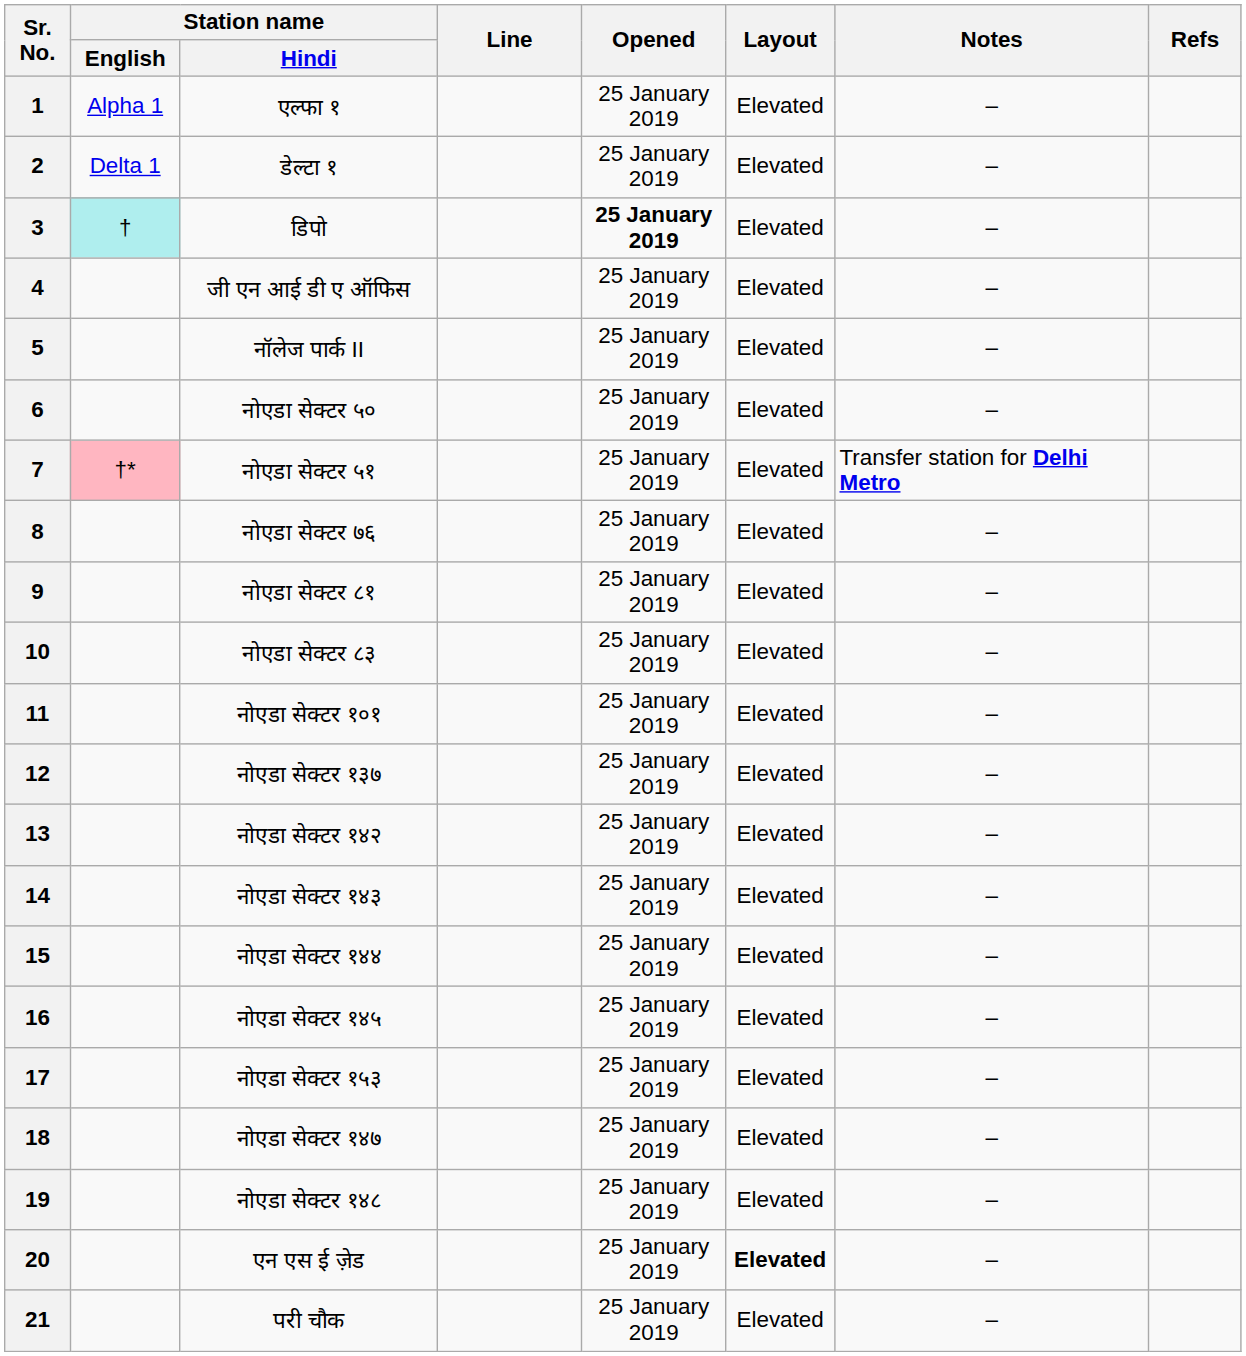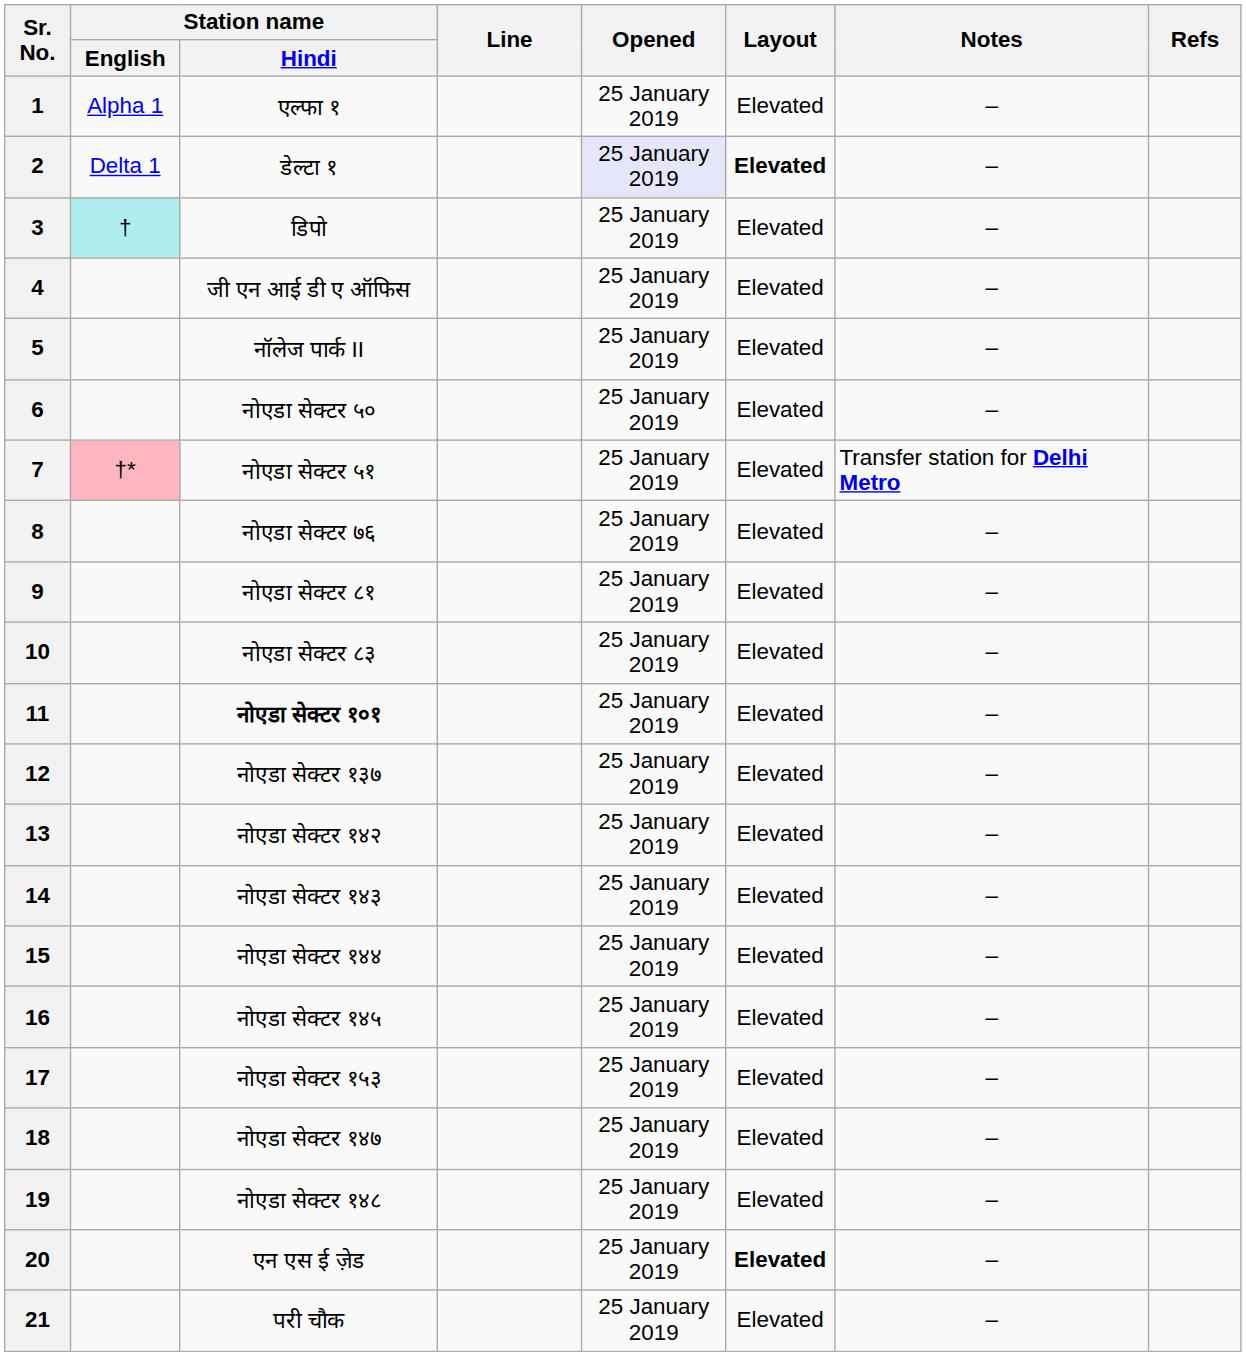 <table class="wikitable sortable" width="100%">
 <tr>
 <th rowspan="2" width="5%">Sr. No.</th>
 <th colspan="2" width="28%">Station name</th>
 <th rowspan="2" width="11%">Line</th>
 <th rowspan="2" width="11%">Opened</th>
 <th rowspan="2" width="8%">Layout</th>
 <th rowspan="2" width="24%">Notes</th>
 <th rowspan="2" width="7%">Refs</th>
 </tr>
 <tr>
 <th>English</th>
 <th><a href='#'>Hindi</a></th>
 </tr>
 <tr>
 <th>1</th>
 <td align="center"><a href='#'>Alpha 1</a></td>
 <td align="center">एल्फा १</td>
 <td align="center"></td>
 <td align="center">25 January 2019</td>
 <td align="center">Elevated</td>
 <td align="center">–</td>
 <td></td>
 </tr>
 <tr>
 <th>2</th>
 <td align="center"><a href='#'>Delta 1</a></td>
 <td align="center">डेल्टा १</td>
 <td align="center"></td>
-<td align="center">25 January 2019</td>
-<td align="center">Elevated</td>
+<td align="center" style="background: lavender;">25 January 2019</td>
+<td align="center"><strong>Elevated</strong></td>
 <td align="center">–</td>
 <td></td>
 </tr>
 <tr>
 <th>3</th>
 <td align="center" style="background-color:#AFEEEE">†</td>
 <td align="center">डिपो</td>
 <td align="center"></td>
-<td align="center"><strong>25 January 2019</strong></td>
+<td align="center">25 January 2019</td>
 <td align="center">Elevated</td>
 <td align="center">–</td>
 <td></td>
 </tr>
 <tr>
 <th>4</th>
 <td align="center"></td>
 <td align="center">जी एन आई डी ए ऑफिस</td>
 <td align="center"></td>
 <td align="center">25 January 2019</td>
 <td align="center">Elevated</td>
 <td align="center">–</td>
 <td></td>
 </tr>
 <tr>
 <th>5</th>
 <td align="center"></td>
 <td align="center">नॉलेज पार्क II</td>
 <td align="center"></td>
 <td align="center">25 January 2019</td>
 <td align="center">Elevated</td>
 <td align="center">–</td>
 <td></td>
 </tr>
 <tr>
 <th>6</th>
 <td align="center"></td>
 <td align="center">नोएडा सेक्टर ५०</td>
 <td align="center"></td>
 <td align="center">25 January 2019</td>
 <td align="center">Elevated</td>
 <td align="center">–</td>
 <td></td>
 </tr>
 <tr>
 <th>7</th>
 <td align="center" style="background-color:#FFB6C1">†*</td>
 <td align="center">नोएडा सेक्टर ५१</td>
 <td align="center"></td>
 <td align="center">25 January 2019</td>
 <td align="center">Elevated</td>
 <td>Transfer station for <strong><a href='#'>Delhi Metro</a></strong></td>
 <td></td>
 </tr>
 <tr>
 <th>8</th>
 <td align="center"></td>
 <td align="center">नोएडा सेक्टर ७६</td>
 <td align="center"></td>
 <td align="center">25 January 2019</td>
 <td align="center">Elevated</td>
 <td align="center">–</td>
 <td></td>
 </tr>
 <tr>
 <th>9</th>
 <td align="center"></td>
 <td align="center">नोएडा सेक्टर ८१</td>
 <td align="center"></td>
 <td align="center">25 January 2019</td>
 <td align="center">Elevated</td>
 <td align="center">–</td>
 <td></td>
 </tr>
 <tr>
 <th>10</th>
 <td align="center"></td>
 <td align="center">नोएडा सेक्टर ८३</td>
 <td align="center"></td>
 <td align="center">25 January 2019</td>
 <td align="center">Elevated</td>
 <td align="center">–</td>
 <td></td>
 </tr>
 <tr>
 <th>11</th>
 <td align="center"></td>
-<td align="center">नोएडा सेक्टर १०१</td>
+<td align="center"><strong>नोएडा सेक्टर १०१</strong></td>
 <td align="center"></td>
 <td align="center">25 January 2019</td>
 <td align="center">Elevated</td>
 <td align="center">–</td>
 <td></td>
 </tr>
 <tr>
 <th>12</th>
 <td align="center"></td>
 <td align="center">नोएडा सेक्टर १३७</td>
 <td align="center"></td>
 <td align="center">25 January 2019</td>
 <td align="center">Elevated</td>
 <td align="center">–</td>
 <td></td>
 </tr>
 <tr>
 <th>13</th>
 <td align="center"></td>
 <td align="center">नोएडा सेक्टर १४२</td>
 <td align="center"></td>
 <td align="center">25 January 2019</td>
 <td align="center">Elevated</td>
 <td align="center">–</td>
 <td></td>
 </tr>
 <tr>
 <th>14</th>
 <td align="center"></td>
 <td align="center">नोएडा सेक्टर १४३</td>
 <td align="center"></td>
 <td align="center">25 January 2019</td>
 <td align="center">Elevated</td>
 <td align="center">–</td>
 <td></td>
 </tr>
 <tr>
 <th>15</th>
 <td align="center"></td>
 <td align="center">नोएडा सेक्टर १४४</td>
 <td align="center"></td>
 <td align="center">25 January 2019</td>
 <td align="center">Elevated</td>
 <td align="center">–</td>
 <td></td>
 </tr>
 <tr>
 <th>16</th>
 <td align="center"></td>
 <td align="center">नोएडा सेक्टर १४५</td>
 <td align="center"></td>
 <td align="center">25 January 2019</td>
 <td align="center">Elevated</td>
 <td align="center">–</td>
 <td></td>
 </tr>
 <tr>
 <th>17</th>
 <td align="center"></td>
 <td align="center">नोएडा सेक्टर १५३</td>
 <td align="center"></td>
 <td align="center">25 January 2019</td>
 <td align="center">Elevated</td>
 <td align="center">–</td>
 <td></td>
 </tr>
 <tr>
 <th>18</th>
 <td align="center"></td>
 <td align="center">नोएडा सेक्टर १४७</td>
 <td align="center"></td>
 <td align="center">25 January 2019</td>
 <td align="center">Elevated</td>
 <td align="center">–</td>
 <td></td>
 </tr>
 <tr>
 <th>19</th>
 <td align="center"></td>
 <td align="center">नोएडा सेक्टर १४८</td>
 <td align="center"></td>
 <td align="center">25 January 2019</td>
 <td align="center">Elevated</td>
 <td align="center">–</td>
 <td></td>
 </tr>
 <tr>
 <th>20</th>
 <td align="center"></td>
 <td align="center">एन एस ई ज़ेड</td>
 <td align="center"></td>
 <td align="center">25 January 2019</td>
 <td align="center"><strong>Elevated</strong></td>
 <td align="center">–</td>
 <td></td>
 </tr>
 <tr>
 <th>21</th>
 <td align="center"></td>
 <td align="center">परी चौक</td>
 <td align="center"></td>
 <td align="center">25 January 2019</td>
 <td align="center">Elevated</td>
 <td align="center">–</td>
 <td></td>
 </tr>
 </table>
